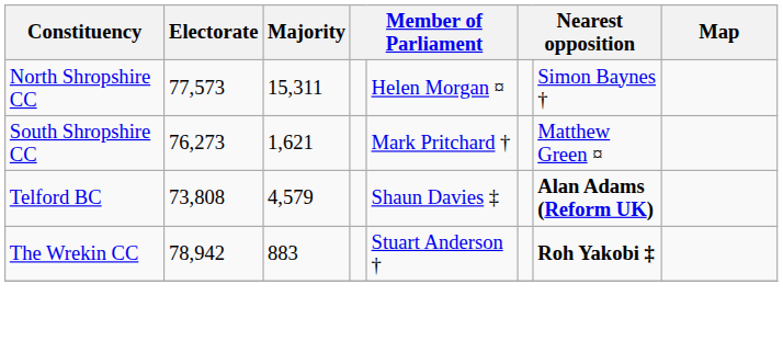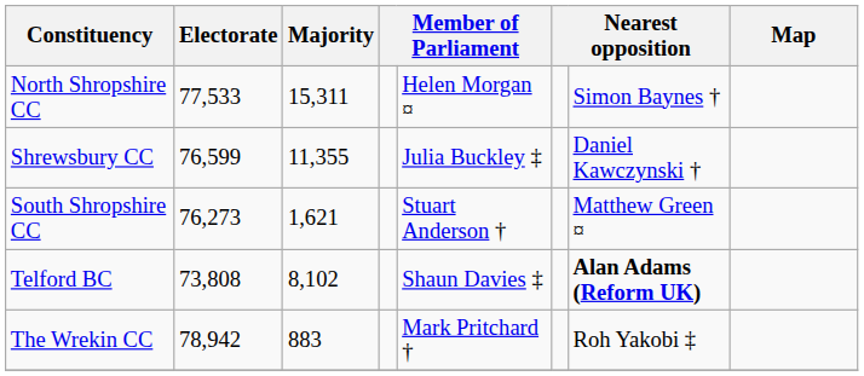 <table class="wikitable sortable">
 <tr>
 <th rowspan=1>Constituency</th>
 <th rowspan=1>Electorate</th>
 <th rowspan=1>Majority</th>
 <th colspan=2 class=unsortable><a href='#'>Member of Parliament</a></th>
 <th colspan=2 class=unsortable>Nearest opposition<br></th>
 <th rowspan=1 class="unsortable" style="width:15%;">Map</th>
 </tr>
 <tr>
 <td><a href='#'>North Shropshire CC</a></td>
-<td>77,573</td>
+<td>77,533</td>
 <td>15,311</td>
 <td style="color:inherit;background:"> </td>
 <td><a href='#'>Helen Morgan</a> ¤</td>
 <td style="color:inherit;background:"> </td>
 <td><a href='#'>Simon Baynes</a> †</td>
 <td></td>
 </tr>
 <tr>
+<td><a href='#'>Shrewsbury CC</a></td>
+<td>76,599</td>
+<td>11,355</td>
+<td style="color:inherit;background:"> </td>
+<td><a href='#'>Julia Buckley</a> ‡</td>
+<td style="color:inherit;background:"></td>
+<td><a href='#'>Daniel Kawczynski</a> †</td>
+<td></td>
+</tr>
+<tr>
 <td><a href='#'>South Shropshire CC</a></td>
 <td>76,273</td>
 <td>1,621</td>
 <td style="color:inherit;background:"> </td>
-<td><a href='#'>Mark Pritchard</a> †</td>
+<td><a href='#'>Stuart Anderson</a> †</td>
 <td style="color:inherit;background:"> </td>
 <td><a href='#'>Matthew Green</a> ¤</td>
 <td></td>
 </tr>
 <tr>
 <td><a href='#'>Telford BC</a></td>
 <td>73,808</td>
-<td>4,579</td>
+<td>8,102</td>
 <td style="color:inherit;background:"></td>
 <td><a href='#'>Shaun Davies</a> ‡</td>
 <td style="color:inherit;background:"></td>
 <td><strong>Alan Adams<br>(<a href='#'>Reform UK</a>)</strong></td>
 <td></td>
 </tr>
 <tr>
 <td><a href='#'>The Wrekin CC</a></td>
 <td>78,942</td>
 <td>883</td>
 <td style="color:inherit;background:"></td>
-<td><a href='#'>Stuart Anderson</a> †</td>
+<td><a href='#'>Mark Pritchard</a> †</td>
 <td style="color:inherit;background:"></td>
-<td><strong>Roh Yakobi ‡</strong></td>
+<td>Roh Yakobi ‡</td>
 <td></td>
 </tr>
 <tr>
 </tr>
 </table>
